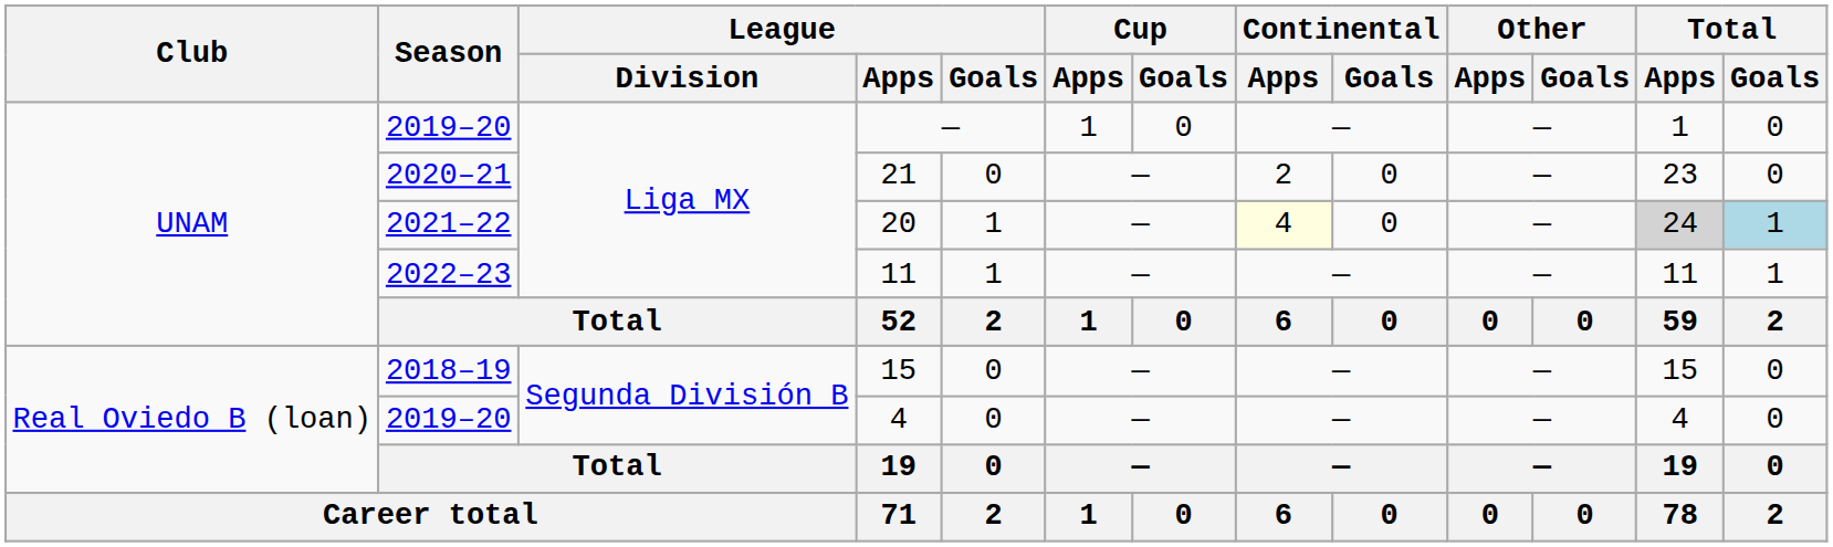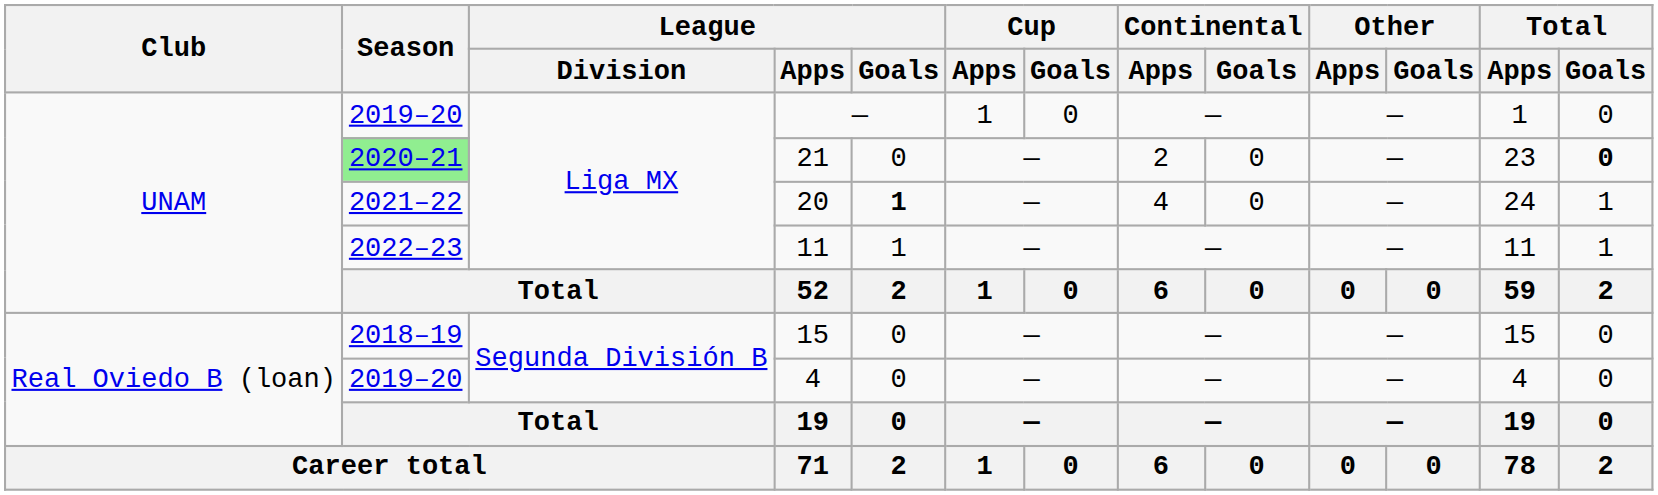 <table class="wikitable" style="text-align:center">
 <tr>
 <th rowspan="2">Club</th>
 <th rowspan="2">Season</th>
 <th colspan="3">League</th>
 <th colspan="2">Cup</th>
 <th colspan="2">Continental</th>
 <th colspan="2">Other</th>
 <th colspan="2">Total</th>
 </tr>
 <tr>
 <th>Division</th>
 <th>Apps</th>
 <th>Goals</th>
 <th>Apps</th>
 <th>Goals</th>
 <th>Apps</th>
 <th>Goals</th>
 <th>Apps</th>
 <th>Goals</th>
 <th>Apps</th>
 <th>Goals</th>
 </tr>
 <tr>
 <td rowspan="5"><a href='#'>UNAM</a></td>
 <td><a href='#'>2019–20</a></td>
 <td rowspan="4"><a href='#'>Liga MX</a></td>
 <td colspan=2>—</td>
 <td>1</td>
 <td>0</td>
 <td colspan=2>—</td>
 <td colspan=2>—</td>
 <td>1</td>
 <td>0</td>
 </tr>
 <tr>
-<td><a href='#'>2020–21</a></td>
+<td style="background: lightgreen;"><a href='#'>2020–21</a></td>
 <td>21</td>
 <td>0</td>
 <td colspan=2>—</td>
 <td>2</td>
 <td>0</td>
 <td colspan="2">—</td>
 <td>23</td>
-<td>0</td>
+<td><strong>0</strong></td>
 </tr>
 <tr>
 <td><a href='#'>2021–22</a></td>
 <td>20</td>
-<td>1</td>
+<td><strong>1</strong></td>
 <td colspan=2>—</td>
-<td style="background: lightyellow;">4</td>
+<td>4</td>
 <td>0</td>
 <td colspan="2">—</td>
-<td style="background: lightgrey;">24</td>
-<td style="background: lightblue;">1</td>
+<td>24</td>
+<td>1</td>
 </tr>
 <tr>
 <td><a href='#'>2022–23</a></td>
 <td>11</td>
 <td>1</td>
 <td colspan=2>—</td>
 <td colspan=2>—</td>
 <td colspan=2>—</td>
 <td>11</td>
 <td>1</td>
 </tr>
 <tr>
 <th colspan="2">Total</th>
 <th>52</th>
 <th>2</th>
 <th>1</th>
 <th>0</th>
 <th>6</th>
 <th>0</th>
 <th>0</th>
 <th>0</th>
 <th>59</th>
 <th>2</th>
 </tr>
 <tr>
 <td rowspan="3"><a href='#'>Real Oviedo B</a> (loan)</td>
 <td><a href='#'>2018–19</a></td>
 <td rowspan="2"><a href='#'>Segunda División B</a></td>
 <td>15</td>
 <td>0</td>
 <td colspan=2>—</td>
 <td colspan=2>—</td>
 <td colspan=2>—</td>
 <td>15</td>
 <td>0</td>
 </tr>
 <tr>
 <td><a href='#'>2019–20</a></td>
 <td>4</td>
 <td>0</td>
 <td colspan=2>—</td>
 <td colspan=2>—</td>
 <td colspan="2">—</td>
 <td>4</td>
 <td>0</td>
 </tr>
 <tr>
 <th colspan="2">Total</th>
 <th>19</th>
 <th>0</th>
 <th colspan=2>—</th>
 <th colspan=2>—</th>
 <th colspan=2>—</th>
 <th>19</th>
 <th>0</th>
 </tr>
 <tr>
 <th colspan="3">Career total</th>
 <th>71</th>
 <th>2</th>
 <th>1</th>
 <th>0</th>
 <th>6</th>
 <th>0</th>
 <th>0</th>
 <th>0</th>
 <th>78</th>
 <th>2</th>
 </tr>
 </table>
